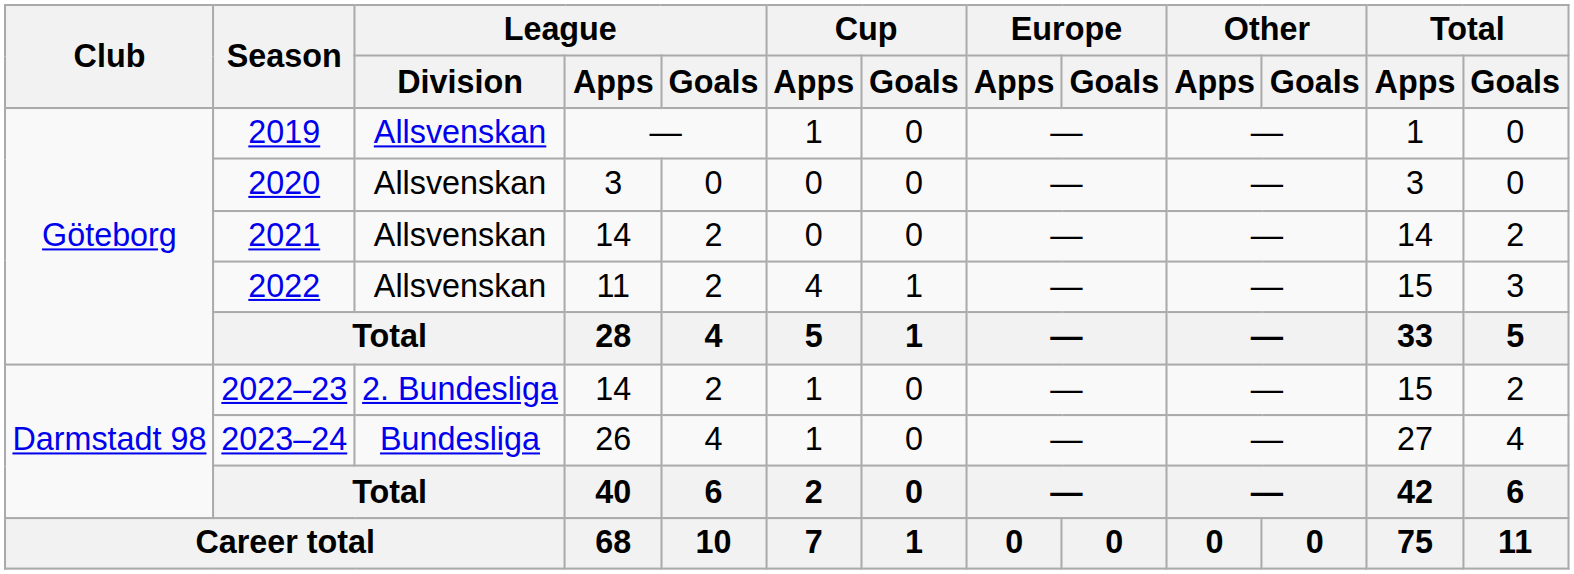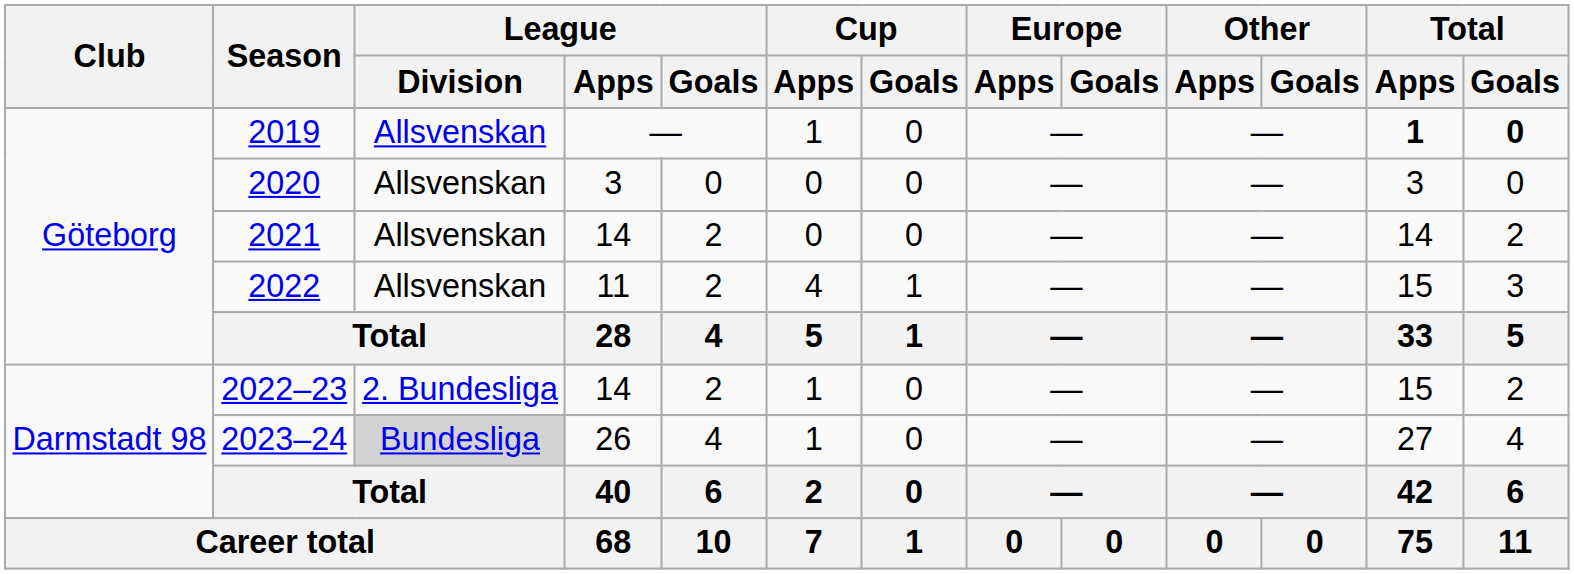 <table class="wikitable" style="text-align: center">
 <tr>
 <th rowspan=2>Club</th>
 <th rowspan=2>Season</th>
 <th colspan=3>League</th>
 <th colspan=2>Cup</th>
 <th colspan=2>Europe</th>
 <th colspan=2>Other</th>
 <th colspan=2>Total</th>
 </tr>
 <tr>
 <th>Division</th>
 <th>Apps</th>
 <th>Goals</th>
 <th>Apps</th>
 <th>Goals</th>
 <th>Apps</th>
 <th>Goals</th>
 <th>Apps</th>
 <th>Goals</th>
 <th>Apps</th>
 <th>Goals</th>
 </tr>
 <tr>
 <td rowspan="5"><a href='#'>Göteborg</a></td>
 <td><a href='#'>2019</a></td>
 <td><a href='#'>Allsvenskan</a></td>
 <td colspan="2">—</td>
 <td>1</td>
 <td>0</td>
 <td colspan="2">—</td>
 <td colspan="2">—</td>
-<td>1</td>
-<td>0</td>
+<td><strong>1</strong></td>
+<td><strong>0</strong></td>
 </tr>
 <tr>
 <td><a href='#'>2020</a></td>
 <td>Allsvenskan</td>
 <td>3</td>
 <td>0</td>
 <td>0</td>
 <td>0</td>
 <td colspan="2">—</td>
 <td colspan="2">—</td>
 <td>3</td>
 <td>0</td>
 </tr>
 <tr>
 <td><a href='#'>2021</a></td>
 <td>Allsvenskan</td>
 <td>14</td>
 <td>2</td>
 <td>0</td>
 <td>0</td>
 <td colspan="2">—</td>
 <td colspan="2">—</td>
 <td>14</td>
 <td>2</td>
 </tr>
 <tr>
 <td><a href='#'>2022</a></td>
 <td>Allsvenskan</td>
 <td>11</td>
 <td>2</td>
 <td>4</td>
 <td>1</td>
 <td colspan="2">—</td>
 <td colspan="2">—</td>
 <td>15</td>
 <td>3</td>
 </tr>
 <tr>
 <th colspan="2">Total</th>
 <th>28</th>
 <th>4</th>
 <th>5</th>
 <th>1</th>
 <th colspan="2">—</th>
 <th colspan="2">—</th>
 <th>33</th>
 <th>5</th>
 </tr>
 <tr>
 <td rowspan="3"><a href='#'>Darmstadt 98</a></td>
 <td><a href='#'>2022–23</a></td>
 <td><a href='#'>2. Bundesliga</a></td>
 <td>14</td>
 <td>2</td>
 <td>1</td>
 <td>0</td>
 <td colspan="2">—</td>
 <td colspan="2">—</td>
 <td>15</td>
 <td>2</td>
 </tr>
 <tr>
 <td><a href='#'>2023–24</a></td>
-<td><a href='#'>Bundesliga</a></td>
+<td style="background: lightgrey;"><a href='#'>Bundesliga</a></td>
 <td>26</td>
 <td>4</td>
 <td>1</td>
 <td>0</td>
 <td colspan="2">—</td>
 <td colspan="2">—</td>
 <td>27</td>
 <td>4</td>
 </tr>
 <tr>
 <th colspan="2">Total</th>
 <th>40</th>
 <th>6</th>
 <th>2</th>
 <th>0</th>
 <th colspan="2">—</th>
 <th colspan="2">—</th>
 <th>42</th>
 <th>6</th>
 </tr>
 <tr>
 <th colspan="3">Career total</th>
 <th>68</th>
 <th>10</th>
 <th>7</th>
 <th>1</th>
 <th>0</th>
 <th>0</th>
 <th>0</th>
 <th>0</th>
 <th>75</th>
 <th>11</th>
 </tr>
 </table>
